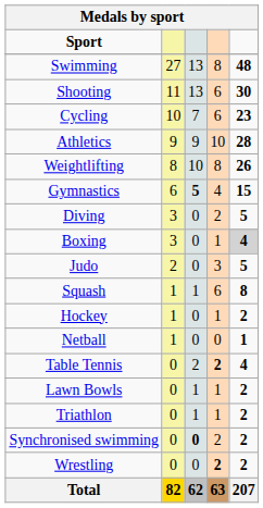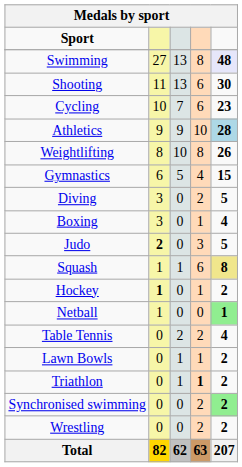 <table class="wikitable" style="font-size:85%; float:right">
 <tr style="background:#efefef;">
 <th colspan=7><strong>Medals by sport</strong></th>
 </tr>
 <tr align=center>
 <td><strong>Sport</strong></td>
 <td bgcolor=#f7f6a8></td>
 <td bgcolor=#dce5e5></td>
 <td bgcolor=#ffdab9></td>
 <td></td>
 </tr>
 <tr>
 </tr>
 <tr align=center>
 <td><a href='#'>Swimming</a></td>
 <td style="Background:#F7F6A8;">27</td>
 <td style="background:#DCE5E5;">13</td>
 <td style="background:#FFDAB9;">8</td>
-<td><strong>48</strong></td>
+<td style="background: lavender;"><strong>48</strong></td>
 </tr>
 <tr align=center>
 <td><a href='#'>Shooting</a></td>
 <td style="Background:#F7F6A8;">11</td>
 <td style="background:#DCE5E5;">13</td>
 <td style="background:#FFDAB9;">6</td>
 <td><strong>30</strong></td>
 </tr>
 <tr align=center>
 <td><a href='#'>Cycling</a></td>
 <td style="Background:#F7F6A8;">10</td>
 <td style="background:#DCE5E5;">7</td>
 <td style="background:#FFDAB9;">6</td>
 <td><strong>23</strong></td>
 </tr>
 <tr align=center>
 <td><a href='#'>Athletics</a></td>
 <td style="Background:#F7F6A8;">9</td>
 <td style="background:#DCE5E5;">9</td>
 <td style="background:#FFDAB9;">10</td>
-<td><strong>28</strong></td>
+<td style="background: lightblue;"><strong>28</strong></td>
 </tr>
 <tr align=center>
 <td><a href='#'>Weightlifting</a></td>
 <td style="Background:#F7F6A8;">8</td>
 <td style="background:#DCE5E5;">10</td>
 <td style="background:#FFDAB9;">8</td>
 <td><strong>26</strong></td>
 </tr>
 <tr align=center>
 <td><a href='#'>Gymnastics</a></td>
 <td style="Background:#F7F6A8;">6</td>
-<td style="background:#DCE5E5;"><strong>5</strong></td>
+<td style="background:#DCE5E5;">5</td>
 <td style="background:#FFDAB9;">4</td>
 <td><strong>15</strong></td>
 </tr>
 <tr align=center>
 <td><a href='#'>Diving</a></td>
 <td style="Background:#F7F6A8;">3</td>
 <td style="background:#DCE5E5;">0</td>
 <td style="background:#FFDAB9;">2</td>
 <td><strong>5</strong></td>
 </tr>
 <tr align=center>
 <td><a href='#'>Boxing</a></td>
 <td style="Background:#F7F6A8;">3</td>
 <td style="background:#DCE5E5;">0</td>
 <td style="background:#FFDAB9;">1</td>
-<td style="background: lightgrey;"><strong>4</strong></td>
+<td><strong>4</strong></td>
 </tr>
 <tr align=center>
 <td><a href='#'>Judo</a></td>
-<td style="Background:#F7F6A8;">2</td>
+<td style="Background:#F7F6A8;"><strong>2</strong></td>
 <td style="background:#DCE5E5;">0</td>
 <td style="background:#FFDAB9;">3</td>
 <td><strong>5</strong></td>
 </tr>
 <tr align=center>
 <td><a href='#'>Squash</a></td>
 <td style="Background:#F7F6A8;">1</td>
 <td style="background:#DCE5E5;">1</td>
 <td style="background:#FFDAB9;">6</td>
-<td><strong>8</strong></td>
+<td style="background: khaki;"><strong>8</strong></td>
 </tr>
 <tr align=center>
 <td><a href='#'>Hockey</a></td>
-<td style="Background:#F7F6A8;">1</td>
+<td style="Background:#F7F6A8;"><strong>1</strong></td>
 <td style="background:#DCE5E5;">0</td>
 <td style="background:#FFDAB9;">1</td>
 <td><strong>2</strong></td>
 </tr>
 <tr align=center>
 <td><a href='#'>Netball</a></td>
 <td style="Background:#F7F6A8;">1</td>
 <td style="background:#DCE5E5;">0</td>
 <td style="background:#FFDAB9;">0</td>
-<td><strong>1</strong></td>
+<td style="background: lightgreen;"><strong>1</strong></td>
 </tr>
 <tr align=center>
 <td><a href='#'>Table Tennis</a></td>
 <td style="Background:#F7F6A8;">0</td>
 <td style="background:#DCE5E5;">2</td>
-<td style="background:#FFDAB9;"><strong>2</strong></td>
+<td style="background:#FFDAB9;">2</td>
 <td><strong>4</strong></td>
 </tr>
 <tr align=center>
 <td><a href='#'>Lawn Bowls</a></td>
 <td style="Background:#F7F6A8;">0</td>
 <td style="background:#DCE5E5;">1</td>
 <td style="background:#FFDAB9;">1</td>
 <td><strong>2</strong></td>
 </tr>
 <tr align=center>
 <td><a href='#'>Triathlon</a></td>
 <td style="Background:#F7F6A8;">0</td>
 <td style="background:#DCE5E5;">1</td>
-<td style="background:#FFDAB9;">1</td>
+<td style="background:#FFDAB9;"><strong>1</strong></td>
 <td><strong>2</strong></td>
 </tr>
 <tr align=center>
 <td><a href='#'>Synchronised swimming</a></td>
 <td style="Background:#F7F6A8;">0</td>
-<td style="background:#DCE5E5;"><strong>0</strong></td>
+<td style="background:#DCE5E5;">0</td>
 <td style="background:#FFDAB9;">2</td>
-<td><strong>2</strong></td>
+<td style="background: lightgreen;"><strong>2</strong></td>
 </tr>
 <tr align=center>
 <td><a href='#'>Wrestling</a></td>
 <td style="Background:#F7F6A8;">0</td>
 <td style="background:#DCE5E5;">0</td>
-<td style="background:#FFDAB9;"><strong>2</strong></td>
+<td style="background:#FFDAB9;">2</td>
 <td><strong>2</strong></td>
 </tr>
 <tr align=center>
 <th>Total</th>
 <th style="background:gold;">82</th>
 <th style="background:silver;">62</th>
 <th style="background:#c96;">63</th>
 <th>207</th>
 </tr>
 </table>
